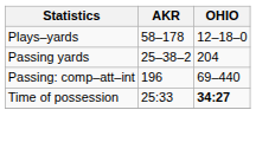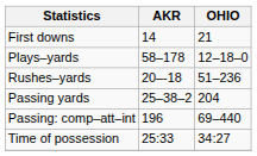 <table class="wikitable" style="float: left;">
 <tr>
 <th>Statistics</th>
 <th>AKR</th>
 <th>OHIO</th>
 </tr>
 <tr>
+<td>First downs</td>
+<td>14</td>
+<td>21</td>
+</tr>
+<tr>
 <td>Plays–yards</td>
 <td>58–178</td>
 <td>12–18–0</td>
+</tr>
+<tr>
+<td>Rushes–yards</td>
+<td>20–-18</td>
+<td>51–236</td>
 </tr>
 <tr>
 <td>Passing yards</td>
 <td>25–38–2</td>
 <td>204</td>
 </tr>
 <tr>
 <td>Passing: comp–att–int</td>
 <td>196</td>
 <td>69–440</td>
 </tr>
 <tr>
 <td>Time of possession</td>
 <td>25:33</td>
-<td><strong>34:27</strong></td>
+<td>34:27</td>
 </tr>
 <tr>
 </tr>
 </table>
